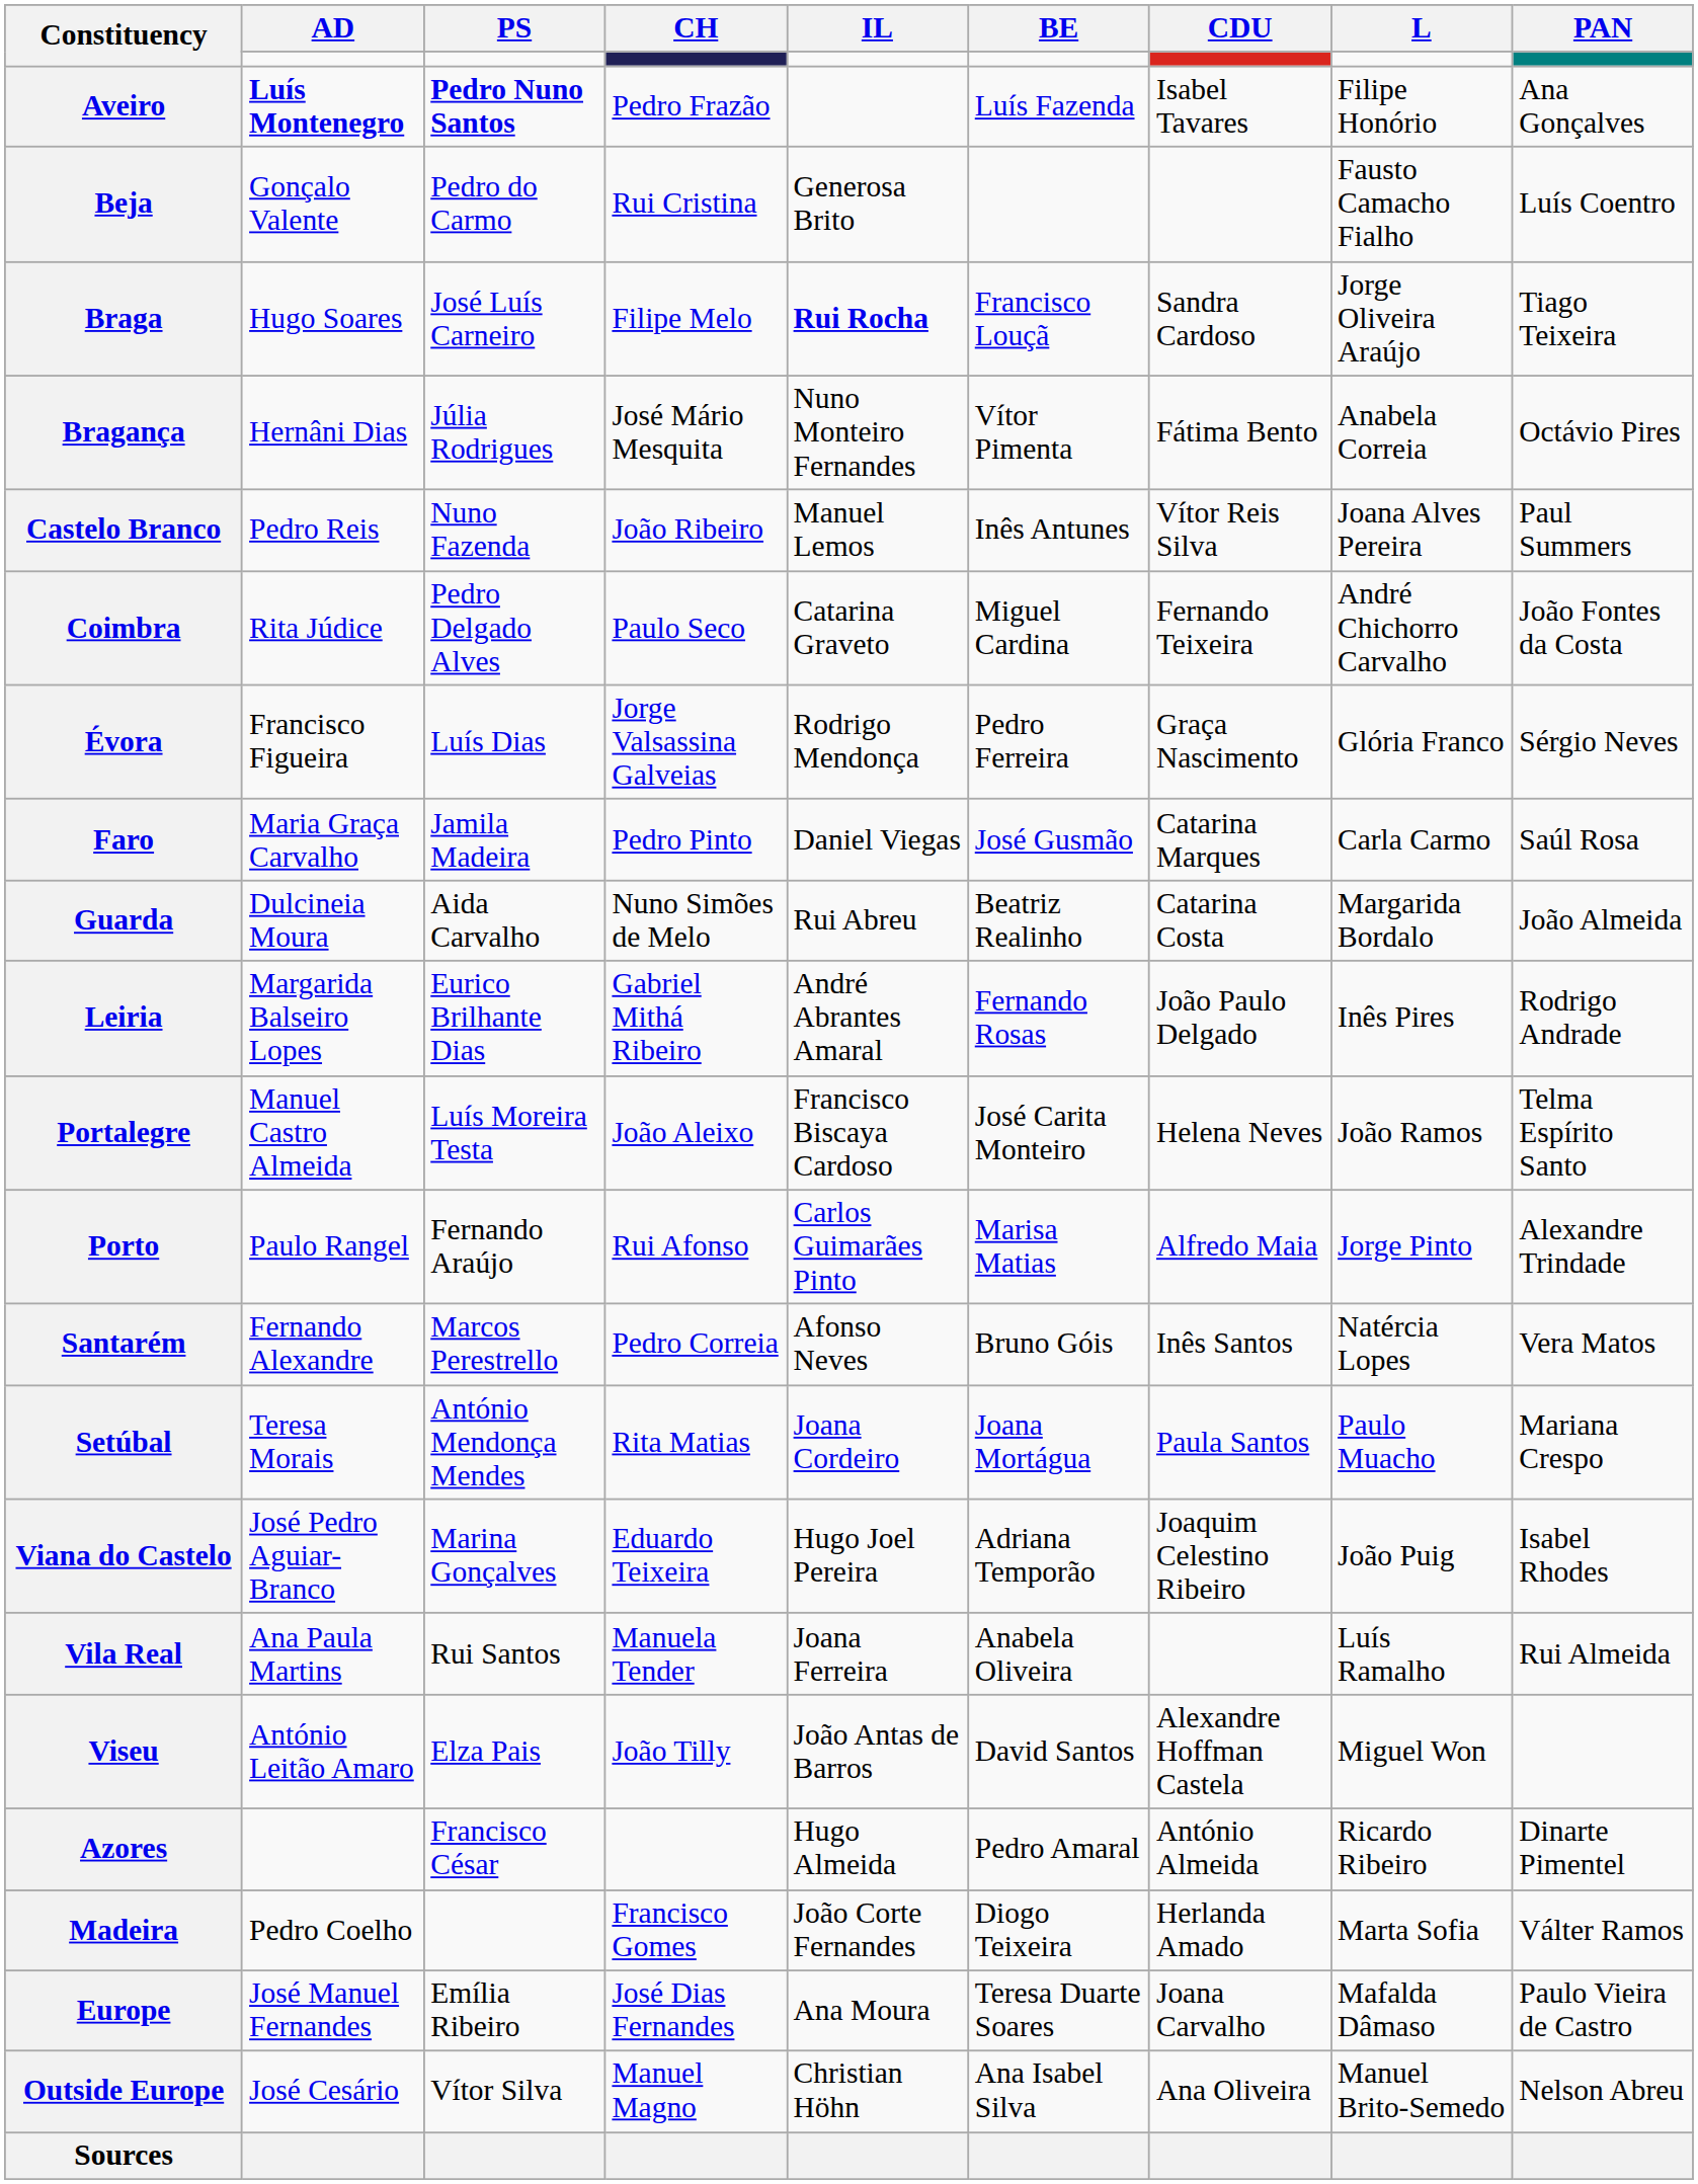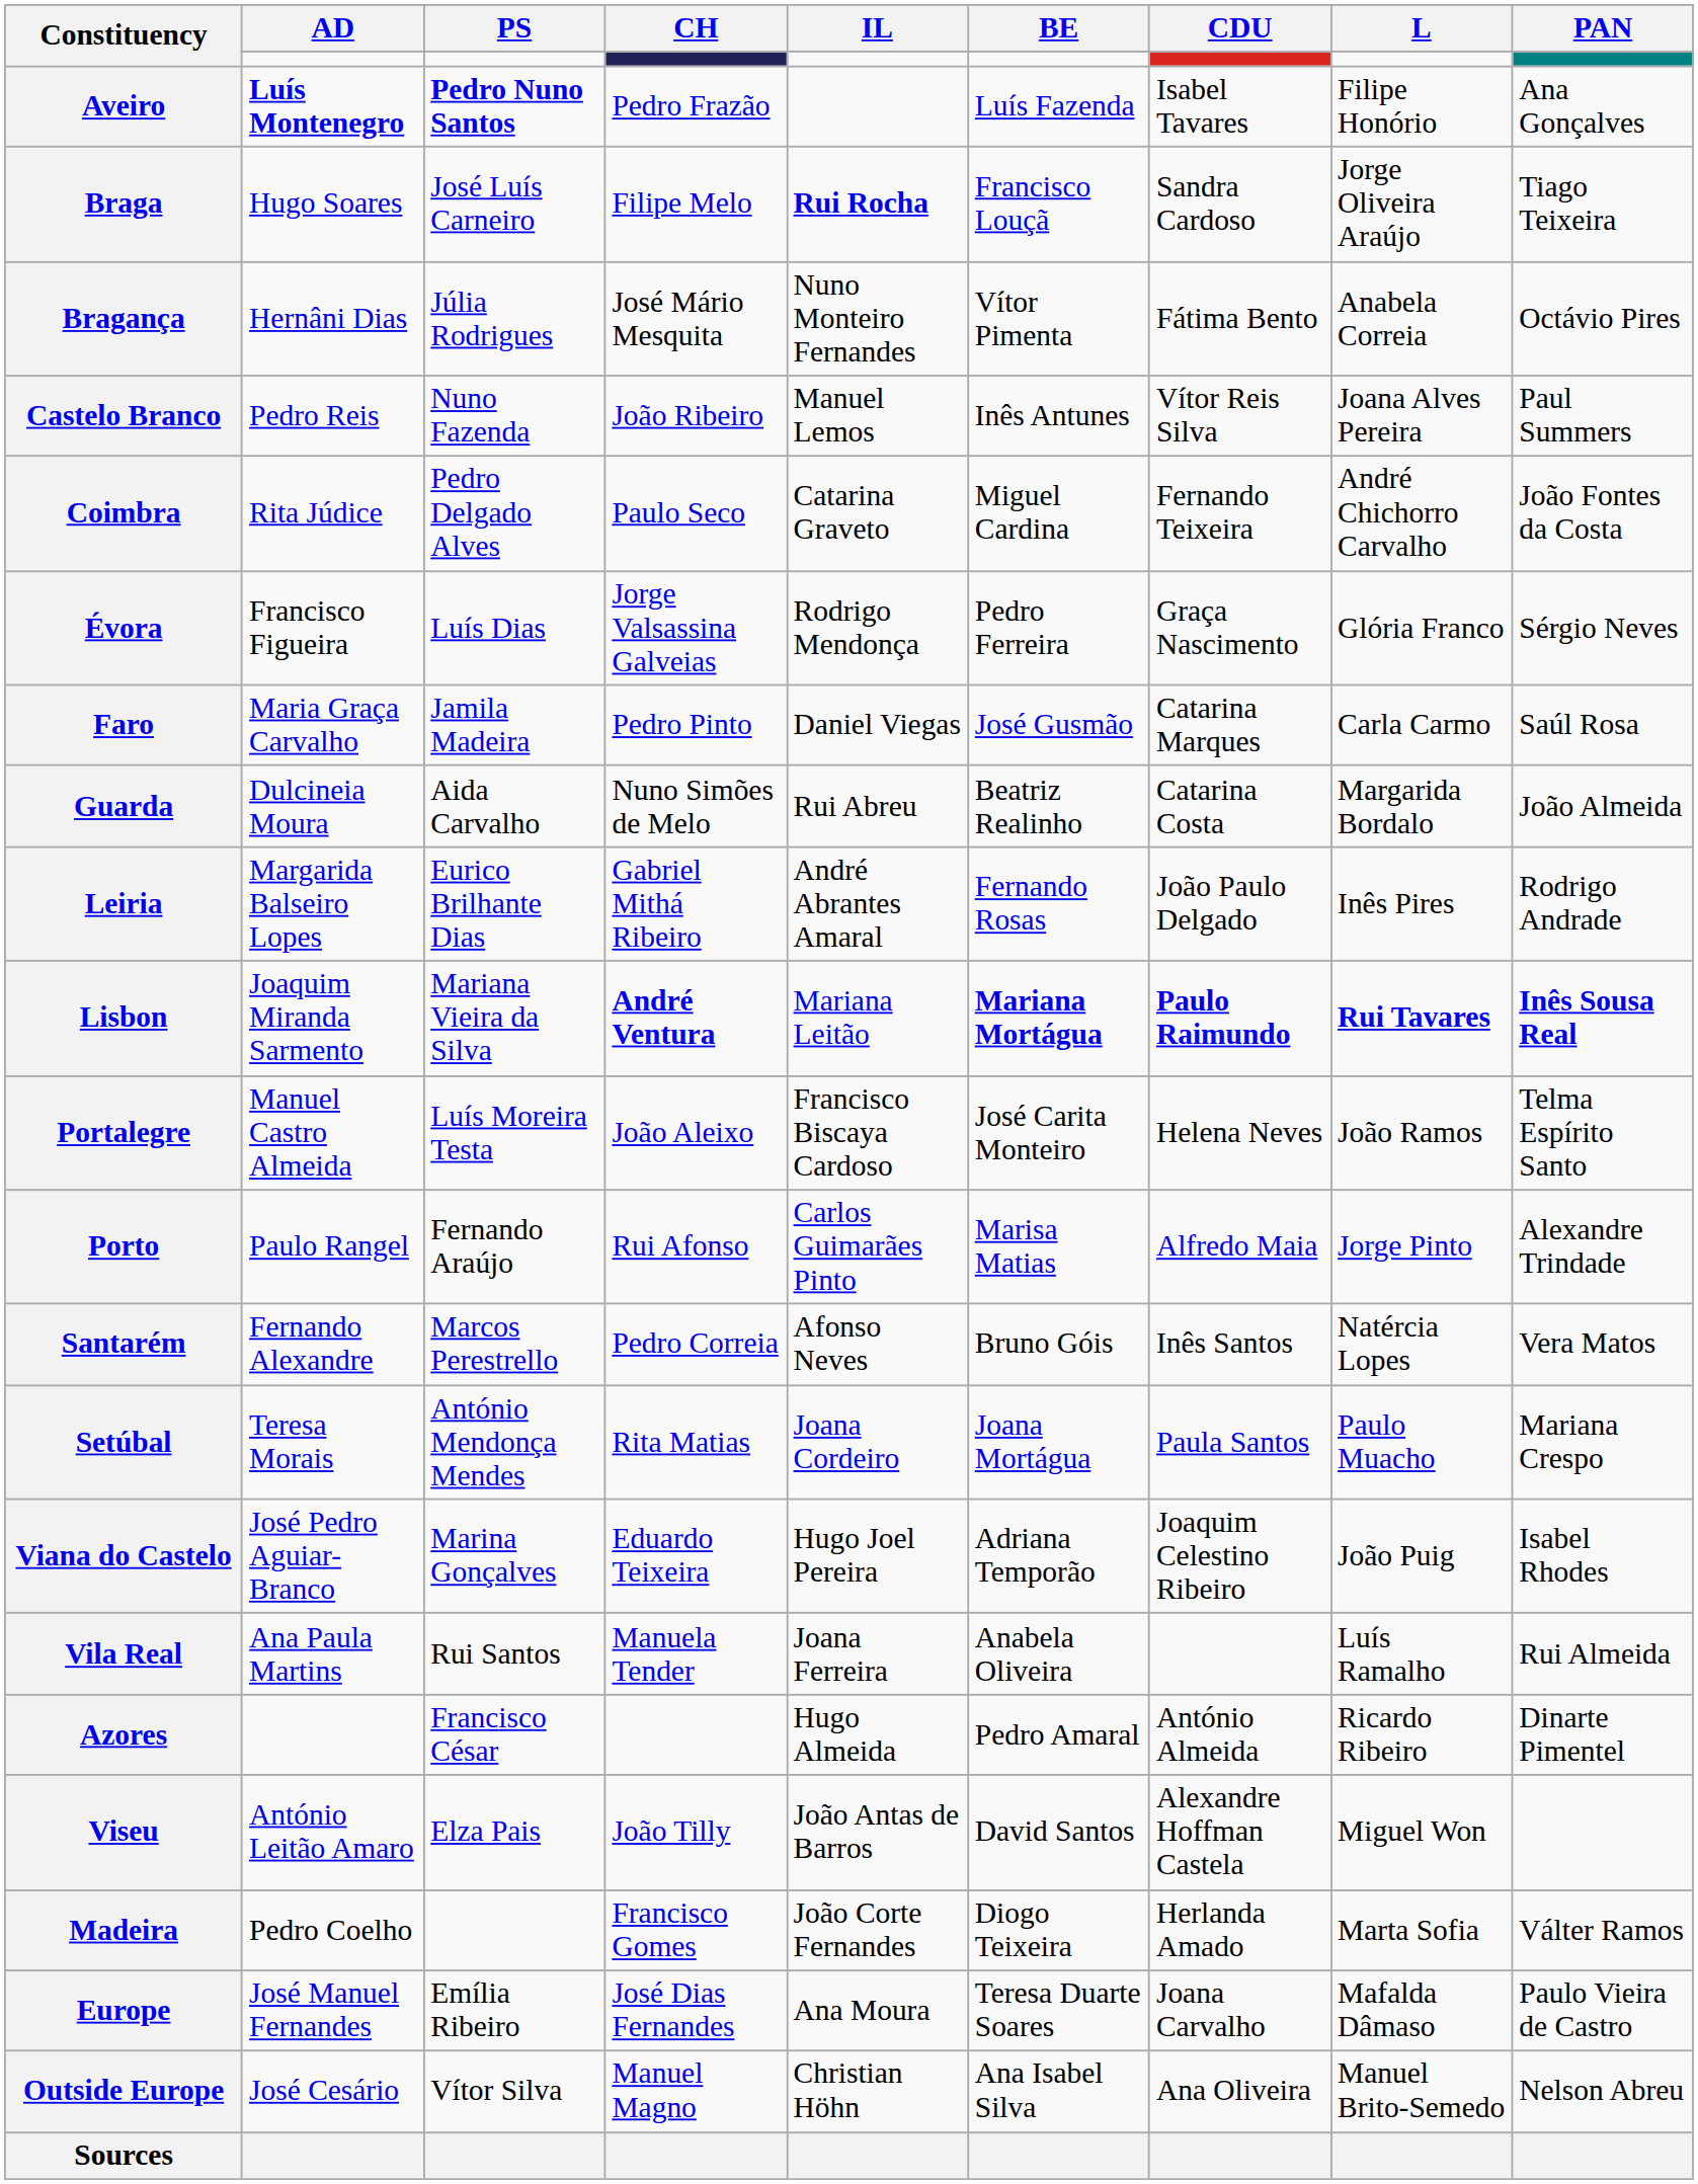 <table class="wikitable">
 <tr>
 <th rowspan="2" style="width:120px;">Constituency</th>
 <th style="width:90px;"><a href='#'>AD</a></th>
 <th style="width:90px;"><a href='#'>PS</a></th>
 <th style="width:90px;"><a href='#'>CH</a></th>
 <th style="width:90px;"><a href='#'>IL</a></th>
 <th style="width:90px;"><a href='#'>BE</a></th>
 <th style="width:90px;"><a href='#'>CDU</a></th>
 <th style="width:90px;"><a href='#'>L</a></th>
 <th style="width:90px;"><a href='#'>PAN</a></th>
 </tr>
 <tr>
 <td style="background:"></td>
 <td style="background:"></td>
 <td style="background:#202056;"></td>
 <td style="background:"></td>
 <td style="background:"></td>
 <td style="background:#da251e;"></td>
 <td style="background:"></td>
 <td style="background:teal;"></td>
 </tr>
 <tr>
 <th><a href='#'>Aveiro</a></th>
 <td><strong><a href='#'>Luís Montenegro</a></strong></td>
 <td><a href='#'><strong>Pedro Nuno Santos</strong></a></td>
 <td><a href='#'>Pedro Frazão</a></td>
 <td></td>
 <td><a href='#'>Luís Fazenda</a></td>
 <td>Isabel Tavares</td>
 <td>Filipe Honório</td>
 <td>Ana Gonçalves</td>
-</tr>
-<tr>
-<th><a href='#'>Beja</a></th>
-<td><a href='#'>Gonçalo Valente</a></td>
-<td><a href='#'>Pedro do Carmo</a></td>
-<td><a href='#'>Rui Cristina</a></td>
-<td>Generosa Brito</td>
-<td></td>
-<td></td>
-<td>Fausto Camacho Fialho</td>
-<td>Luís Coentro</td>
 </tr>
 <tr>
 <th><a href='#'>Braga</a></th>
 <td><a href='#'>Hugo Soares</a></td>
 <td><a href='#'>José Luís Carneiro</a></td>
 <td><a href='#'>Filipe Melo</a></td>
 <td><strong><a href='#'>Rui Rocha</a></strong></td>
 <td><a href='#'>Francisco Louçã</a></td>
 <td>Sandra Cardoso</td>
 <td>Jorge Oliveira Araújo</td>
 <td>Tiago Teixeira</td>
 </tr>
 <tr>
 <th><a href='#'>Bragança</a></th>
 <td><a href='#'>Hernâni Dias</a></td>
 <td><a href='#'>Júlia Rodrigues</a></td>
 <td>José Mário Mesquita</td>
 <td>Nuno Monteiro Fernandes</td>
 <td>Vítor Pimenta</td>
 <td>Fátima Bento</td>
 <td>Anabela Correia</td>
 <td>Octávio Pires</td>
 </tr>
 <tr>
 <th><a href='#'>Castelo Branco</a></th>
 <td><a href='#'>Pedro Reis</a></td>
 <td><a href='#'>Nuno Fazenda</a></td>
 <td><a href='#'>João Ribeiro</a></td>
 <td>Manuel Lemos</td>
 <td>Inês Antunes</td>
 <td>Vítor Reis Silva</td>
 <td>Joana Alves Pereira</td>
 <td>Paul Summers</td>
 </tr>
 <tr>
 <th><a href='#'>Coimbra</a></th>
 <td><a href='#'>Rita Júdice</a></td>
 <td><a href='#'>Pedro Delgado Alves</a></td>
 <td><a href='#'>Paulo Seco</a></td>
 <td>Catarina Graveto</td>
 <td>Miguel Cardina</td>
 <td>Fernando Teixeira</td>
 <td>André Chichorro Carvalho</td>
 <td>João Fontes da Costa</td>
 </tr>
 <tr>
 <th><a href='#'>Évora</a></th>
 <td>Francisco Figueira</td>
 <td><a href='#'>Luís Dias</a></td>
 <td><a href='#'>Jorge Valsassina Galveias</a></td>
 <td>Rodrigo Mendonça</td>
 <td>Pedro Ferreira</td>
 <td>Graça Nascimento</td>
 <td>Glória Franco</td>
 <td>Sérgio Neves</td>
 </tr>
 <tr>
 <th><a href='#'>Faro</a></th>
 <td><a href='#'>Maria Graça Carvalho</a></td>
 <td><a href='#'>Jamila Madeira</a></td>
 <td><a href='#'>Pedro Pinto</a></td>
 <td>Daniel Viegas</td>
 <td><a href='#'>José Gusmão</a></td>
 <td>Catarina Marques</td>
 <td>Carla Carmo</td>
 <td>Saúl Rosa</td>
 </tr>
 <tr>
 <th><a href='#'>Guarda</a></th>
 <td><a href='#'>Dulcineia Moura</a></td>
 <td>Aida Carvalho</td>
 <td>Nuno Simões de Melo</td>
 <td>Rui Abreu</td>
 <td>Beatriz Realinho</td>
 <td>Catarina Costa</td>
 <td>Margarida Bordalo</td>
 <td>João Almeida</td>
 </tr>
 <tr>
 <th><a href='#'>Leiria</a></th>
 <td><a href='#'>Margarida Balseiro Lopes</a></td>
 <td><a href='#'>Eurico Brilhante Dias</a></td>
 <td><a href='#'>Gabriel Mithá Ribeiro</a></td>
 <td>André Abrantes Amaral</td>
 <td><a href='#'>Fernando Rosas</a></td>
 <td>João Paulo Delgado</td>
 <td>Inês Pires</td>
 <td>Rodrigo Andrade</td>
 </tr>
 <tr>
+<th><a href='#'>Lisbon</a></th>
+<td><a href='#'>Joaquim Miranda Sarmento</a></td>
+<td><a href='#'>Mariana Vieira da Silva</a></td>
+<td><a href='#'><strong>André Ventura</strong></a></td>
+<td><a href='#'>Mariana Leitão</a></td>
+<td><strong><a href='#'>Mariana Mortágua</a></strong></td>
+<td><a href='#'><strong>Paulo Raimundo</strong></a></td>
+<td><a href='#'><strong>Rui Tavares</strong></a></td>
+<td><a href='#'><strong>Inês Sousa Real</strong></a></td>
+</tr>
+<tr>
 <th><a href='#'>Portalegre</a></th>
 <td><a href='#'>Manuel Castro Almeida</a></td>
 <td><a href='#'>Luís Moreira Testa</a></td>
 <td><a href='#'>João Aleixo</a></td>
 <td>Francisco Biscaya Cardoso</td>
 <td>José Carita Monteiro</td>
 <td>Helena Neves</td>
 <td>João Ramos</td>
 <td>Telma Espírito Santo</td>
 </tr>
 <tr>
 <th><a href='#'>Porto</a></th>
 <td><a href='#'>Paulo Rangel</a></td>
 <td>Fernando Araújo</td>
 <td><a href='#'>Rui Afonso</a></td>
 <td><a href='#'>Carlos Guimarães Pinto</a></td>
 <td><a href='#'>Marisa Matias</a></td>
 <td><a href='#'>Alfredo Maia</a></td>
 <td><a href='#'>Jorge Pinto</a></td>
 <td>Alexandre Trindade</td>
 </tr>
 <tr>
 <th><a href='#'>Santarém</a></th>
 <td><a href='#'>Fernando Alexandre</a></td>
 <td><a href='#'>Marcos Perestrello</a></td>
 <td><a href='#'>Pedro Correia</a></td>
 <td>Afonso Neves</td>
 <td>Bruno Góis</td>
 <td>Inês Santos</td>
 <td>Natércia Lopes</td>
 <td>Vera Matos</td>
 </tr>
 <tr>
 <th><a href='#'>Setúbal</a></th>
 <td><a href='#'>Teresa Morais</a></td>
 <td><a href='#'>António Mendonça Mendes</a></td>
 <td><a href='#'>Rita Matias</a></td>
 <td><a href='#'>Joana Cordeiro</a></td>
 <td><a href='#'>Joana Mortágua</a></td>
 <td><a href='#'>Paula Santos</a></td>
 <td><a href='#'>Paulo Muacho</a></td>
 <td>Mariana Crespo</td>
 </tr>
 <tr>
 <th><a href='#'>Viana do Castelo</a></th>
 <td><a href='#'>José Pedro Aguiar-Branco</a></td>
 <td><a href='#'>Marina Gonçalves</a></td>
 <td><a href='#'>Eduardo Teixeira</a></td>
 <td>Hugo Joel Pereira</td>
 <td>Adriana Temporão</td>
 <td>Joaquim Celestino Ribeiro</td>
 <td>João Puig</td>
 <td>Isabel Rhodes</td>
 </tr>
 <tr>
 <th><a href='#'>Vila Real</a></th>
 <td><a href='#'>Ana Paula Martins</a></td>
 <td>Rui Santos</td>
 <td><a href='#'>Manuela Tender</a></td>
 <td>Joana Ferreira</td>
 <td>Anabela Oliveira</td>
 <td></td>
 <td>Luís Ramalho</td>
 <td>Rui Almeida</td>
 </tr>
 <tr>
+<th><a href='#'>Azores</a></th>
+<td></td>
+<td><a href='#'>Francisco César</a></td>
+<td></td>
+<td>Hugo Almeida</td>
+<td>Pedro Amaral</td>
+<td>António  Almeida</td>
+<td>Ricardo Ribeiro</td>
+<td>Dinarte Pimentel</td>
+</tr>
+<tr>
 <th><a href='#'>Viseu</a></th>
 <td><a href='#'>António Leitão Amaro</a></td>
 <td><a href='#'>Elza Pais</a></td>
 <td><a href='#'>João Tilly</a></td>
 <td>João Antas de Barros</td>
 <td>David Santos</td>
 <td>Alexandre Hoffman Castela</td>
 <td>Miguel Won</td>
 <td></td>
-</tr>
-<tr>
-<th><a href='#'>Azores</a></th>
-<td></td>
-<td><a href='#'>Francisco César</a></td>
-<td></td>
-<td>Hugo Almeida</td>
-<td>Pedro Amaral</td>
-<td>António  Almeida</td>
-<td>Ricardo Ribeiro</td>
-<td>Dinarte Pimentel</td>
 </tr>
 <tr>
 <th><a href='#'>Madeira</a></th>
 <td>Pedro Coelho</td>
 <td></td>
 <td><a href='#'>Francisco Gomes</a></td>
 <td>João Corte Fernandes</td>
 <td>Diogo Teixeira</td>
 <td>Herlanda Amado</td>
 <td>Marta Sofia</td>
 <td>Válter Ramos</td>
 </tr>
 <tr>
 <th><a href='#'>Europe</a></th>
 <td><a href='#'>José Manuel Fernandes</a></td>
 <td>Emília Ribeiro</td>
 <td><a href='#'>José Dias Fernandes</a></td>
 <td>Ana Moura</td>
 <td>Teresa Duarte Soares</td>
 <td>Joana Carvalho</td>
 <td>Mafalda Dâmaso</td>
 <td>Paulo Vieira de Castro</td>
 </tr>
 <tr>
 <th><a href='#'>Outside Europe</a></th>
 <td><a href='#'>José Cesário</a></td>
 <td>Vítor Silva</td>
 <td><a href='#'>Manuel Magno</a></td>
 <td>Christian Höhn</td>
 <td>Ana Isabel Silva</td>
 <td>Ana Oliveira</td>
 <td>Manuel Brito-Semedo</td>
 <td>Nelson Abreu</td>
 </tr>
 <tr>
 <th>Sources</th>
 <th></th>
 <th></th>
 <th></th>
 <th></th>
 <th></th>
 <th></th>
 <th></th>
 <th></th>
 </tr>
 </table>
